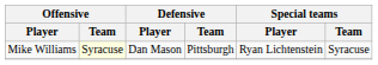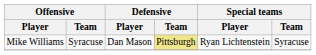 <table class="wikitable" border="1">
 <tr>
 <th colspan="2">Offensive</th>
 <th colspan="2">Defensive</th>
 <th colspan="2">Special teams</th>
 </tr>
 <tr>
 <th>Player</th>
 <th>Team</th>
 <th>Player</th>
 <th>Team</th>
 <th>Player</th>
 <th>Team</th>
 </tr>
 <tr>
 <td>Mike Williams</td>
-<td style="background: lightyellow;">Syracuse</td>
+<td>Syracuse</td>
 <td>Dan Mason</td>
-<td>Pittsburgh</td>
+<td style="background: khaki;">Pittsburgh</td>
 <td>Ryan Lichtenstein</td>
 <td>Syracuse</td>
 </tr>
 <tr>
 </tr>
 </table>
